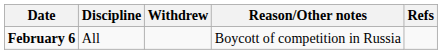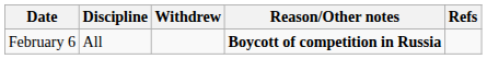 <table class="wikitable sortable">
 <tr>
 <th>Date</th>
 <th>Discipline</th>
 <th>Withdrew</th>
 <th>Reason/Other notes</th>
 <th>Refs</th>
 </tr>
 <tr>
-<td><strong>February 6</strong></td>
+<td>February 6</td>
 <td>All</td>
 <td></td>
-<td>Boycott of competition in Russia</td>
+<td><strong>Boycott of competition in Russia</strong></td>
 <td></td>
 </tr>
 </table>
